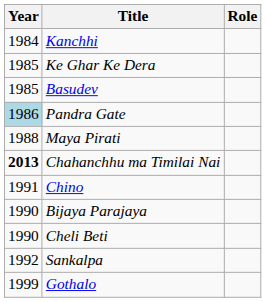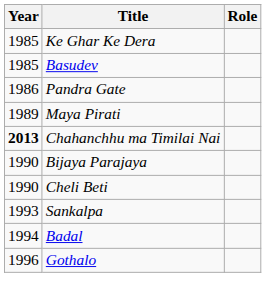 <table class="wikitable sortable">
 <tr>
 <th>Year</th>
 <th>Title</th>
 <th>Role</th>
-</tr>
-<tr>
-<td rowspan="1!">1984</td>
-<td><em><a href='#'>Kanchhi</a></em></td>
-<td></td>
 </tr>
 <tr>
 <td rowspan="1!">1985</td>
 <td><em>Ke Ghar Ke Dera</em></td>
 <td></td>
 </tr>
 <tr>
 <td rowspan="1!">1985</td>
 <td><em><a href='#'>Basudev</a></em></td>
 <td></td>
 </tr>
 <tr>
-<td rowspan="1!" style="background: lightblue;">1986</td>
+<td rowspan="1!">1986</td>
 <td><em>Pandra Gate</em></td>
 <td></td>
 </tr>
 <tr>
-<td rowspan="1!">1988</td>
+<td rowspan="1!">1989</td>
 <td><em>Maya Pirati</em></td>
 <td></td>
 </tr>
 <tr>
 <td rowspan="1!"><strong>2013</strong></td>
 <td><em>Chahanchhu ma Timilai Nai</em></td>
-<td></td>
-</tr>
-<tr>
-<td rowspan="1!">1991</td>
-<td><em><a href='#'>Chino</a></em></td>
 <td></td>
 </tr>
 <tr>
 <td rowspan="1!">1990</td>
 <td><em>Bijaya Parajaya</em></td>
 <td></td>
 </tr>
 <tr>
 <td rowspan="1!">1990</td>
 <td><em>Cheli Beti</em></td>
 <td></td>
 </tr>
 <tr>
-<td rowspan="1!">1992</td>
+<td rowspan="1!">1993</td>
 <td><em>Sankalpa</em></td>
 <td></td>
 </tr>
 <tr>
-<td rowspan="1!">1999</td>
+<td rowspan="1!">1994</td>
+<td><em><a href='#'>Badal</a></em></td>
+<td></td>
+</tr>
+<tr>
+<td rowspan="1!">1996</td>
 <td><em><a href='#'>Gothalo</a></em></td>
 <td></td>
 </tr>
 </table>
